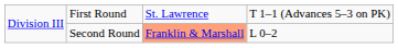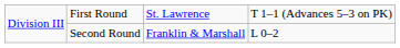 <table class="wikitable">
 <tr>
 <td rowspan="5"><a href='#'>Division III</a></td>
 <td>First Round</td>
 <td><a href='#'>St. Lawrence</a></td>
 <td>T 1–1  (Advances 5–3 on PK)</td>
 </tr>
 <tr>
 <td>Second Round</td>
-<td style="background: lightsalmon;"><a href='#'>Franklin & Marshall</a></td>
+<td><a href='#'>Franklin & Marshall</a></td>
 <td>L 0–2</td>
 </tr>
 </table>
